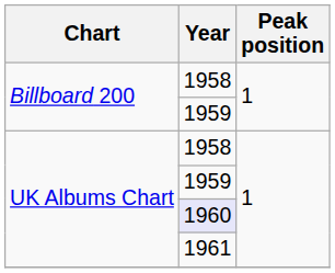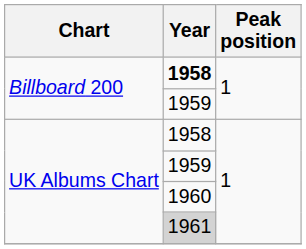 <table class="wikitable sortable">
 <tr>
 <th>Chart</th>
 <th>Year</th>
 <th>Peak<br>position</th>
 </tr>
 <tr>
 <td rowspan="2"><a href='#'><em>Billboard</em> 200</a></td>
-<td align="left">1958</td>
+<td align="left"><strong>1958</strong></td>
 <td rowspan="2">1</td>
 </tr>
 <tr>
 <td align="left">1959</td>
 </tr>
 <tr>
 <td rowspan="4"><a href='#'>UK Albums Chart</a></td>
 <td align="left">1958</td>
 <td rowspan="4">1</td>
 </tr>
 <tr>
 <td align="left">1959</td>
 </tr>
 <tr>
-<td align="left" style="background: lavender;">1960</td>
+<td align="left">1960</td>
 </tr>
 <tr>
-<td align="left">1961</td>
+<td align="left" style="background: lightgrey;">1961</td>
 </tr>
 <tr>
 </tr>
 </table>
